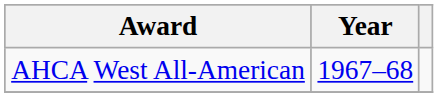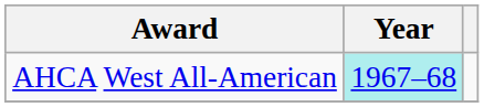 <table class="wikitable">
 <tr>
 <th>Award</th>
 <th>Year</th>
 <th></th>
 </tr>
 <tr>
 <td><a href='#'>AHCA</a> <a href='#'>West All-American</a></td>
-<td><a href='#'>1967–68</a></td>
+<td style="background: paleturquoise;"><a href='#'>1967–68</a></td>
 <td></td>
 </tr>
 <tr>
 </tr>
 </table>
